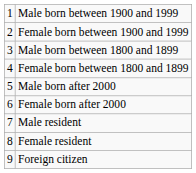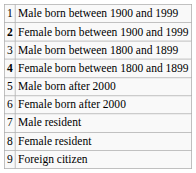 <table class="wikitable">
 <tr>
 <td>1</td>
 <td>Male born between 1900 and 1999</td>
 </tr>
 <tr>
-<td>2</td>
+<td><strong>2</strong></td>
 <td>Female born between 1900 and 1999</td>
 </tr>
 <tr>
 <td>3</td>
 <td>Male born between 1800 and 1899</td>
 </tr>
 <tr>
-<td>4</td>
+<td><strong>4</strong></td>
 <td>Female born between 1800 and 1899</td>
 </tr>
 <tr>
 <td>5</td>
 <td>Male born after 2000</td>
 </tr>
 <tr>
 <td>6</td>
 <td>Female born after 2000</td>
 </tr>
 <tr>
 <td>7</td>
 <td>Male resident</td>
 </tr>
 <tr>
 <td>8</td>
 <td>Female resident</td>
 </tr>
 <tr>
 <td>9</td>
 <td>Foreign citizen</td>
 </tr>
 </table>
